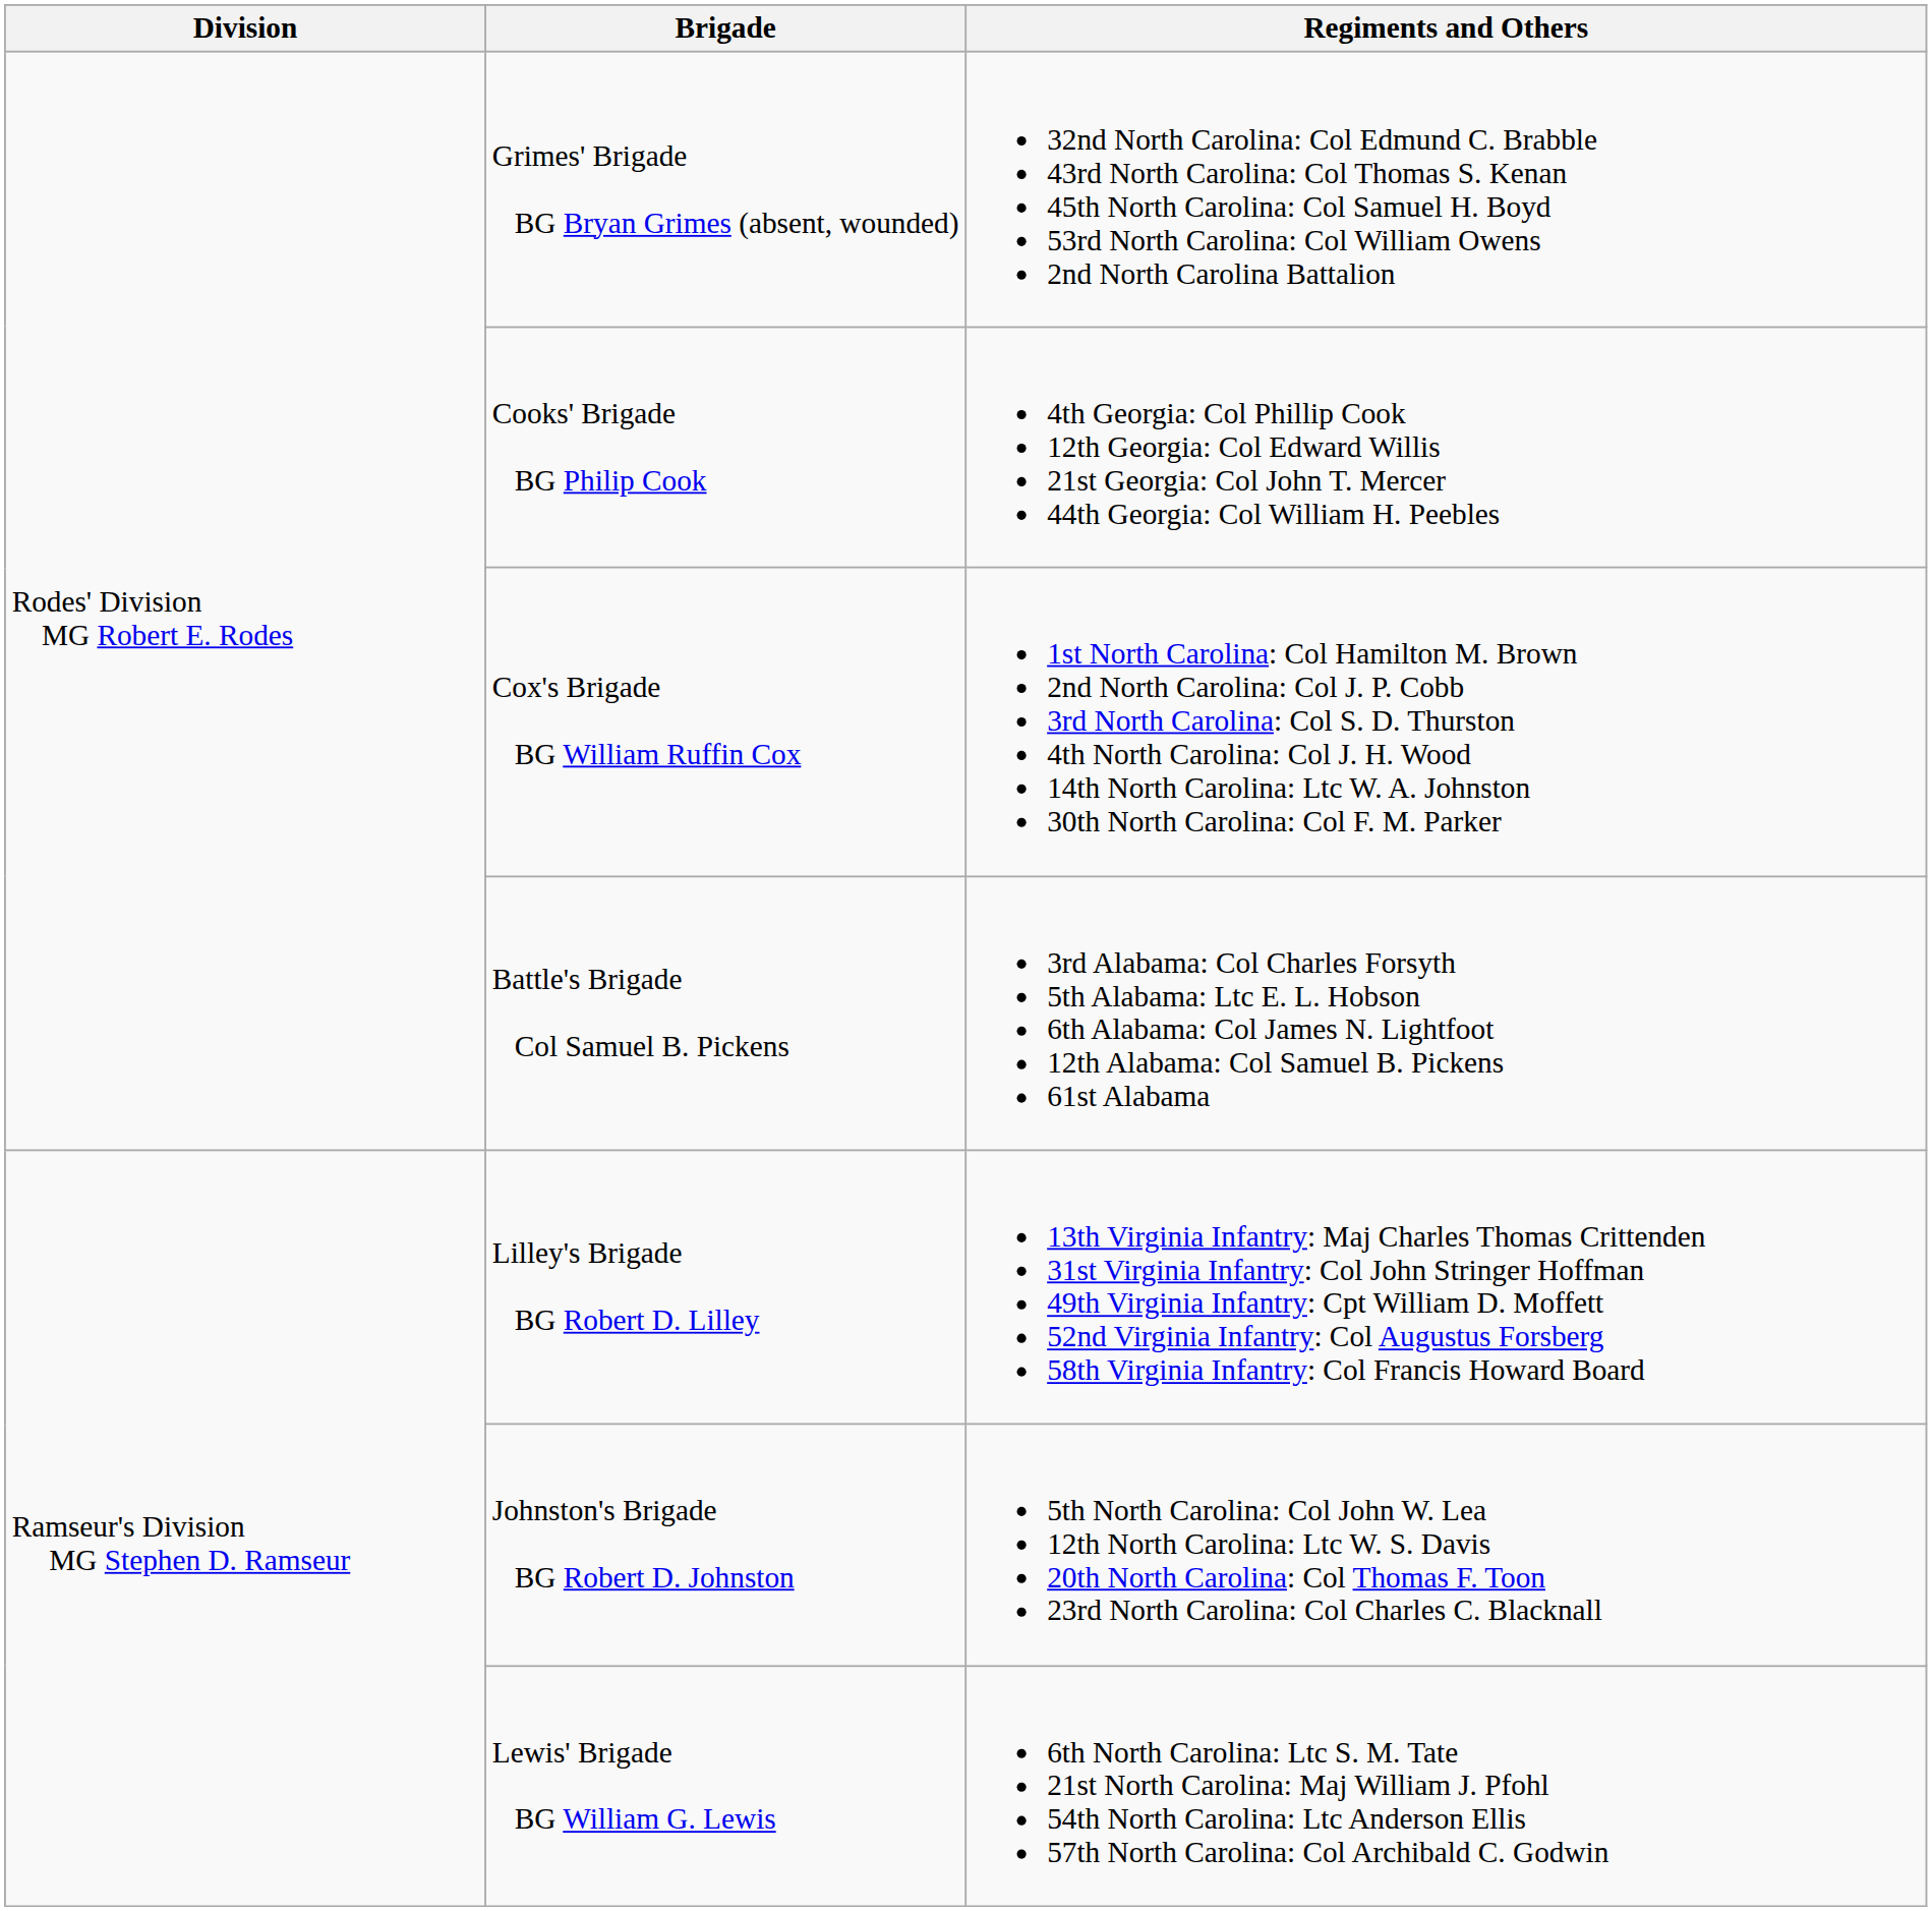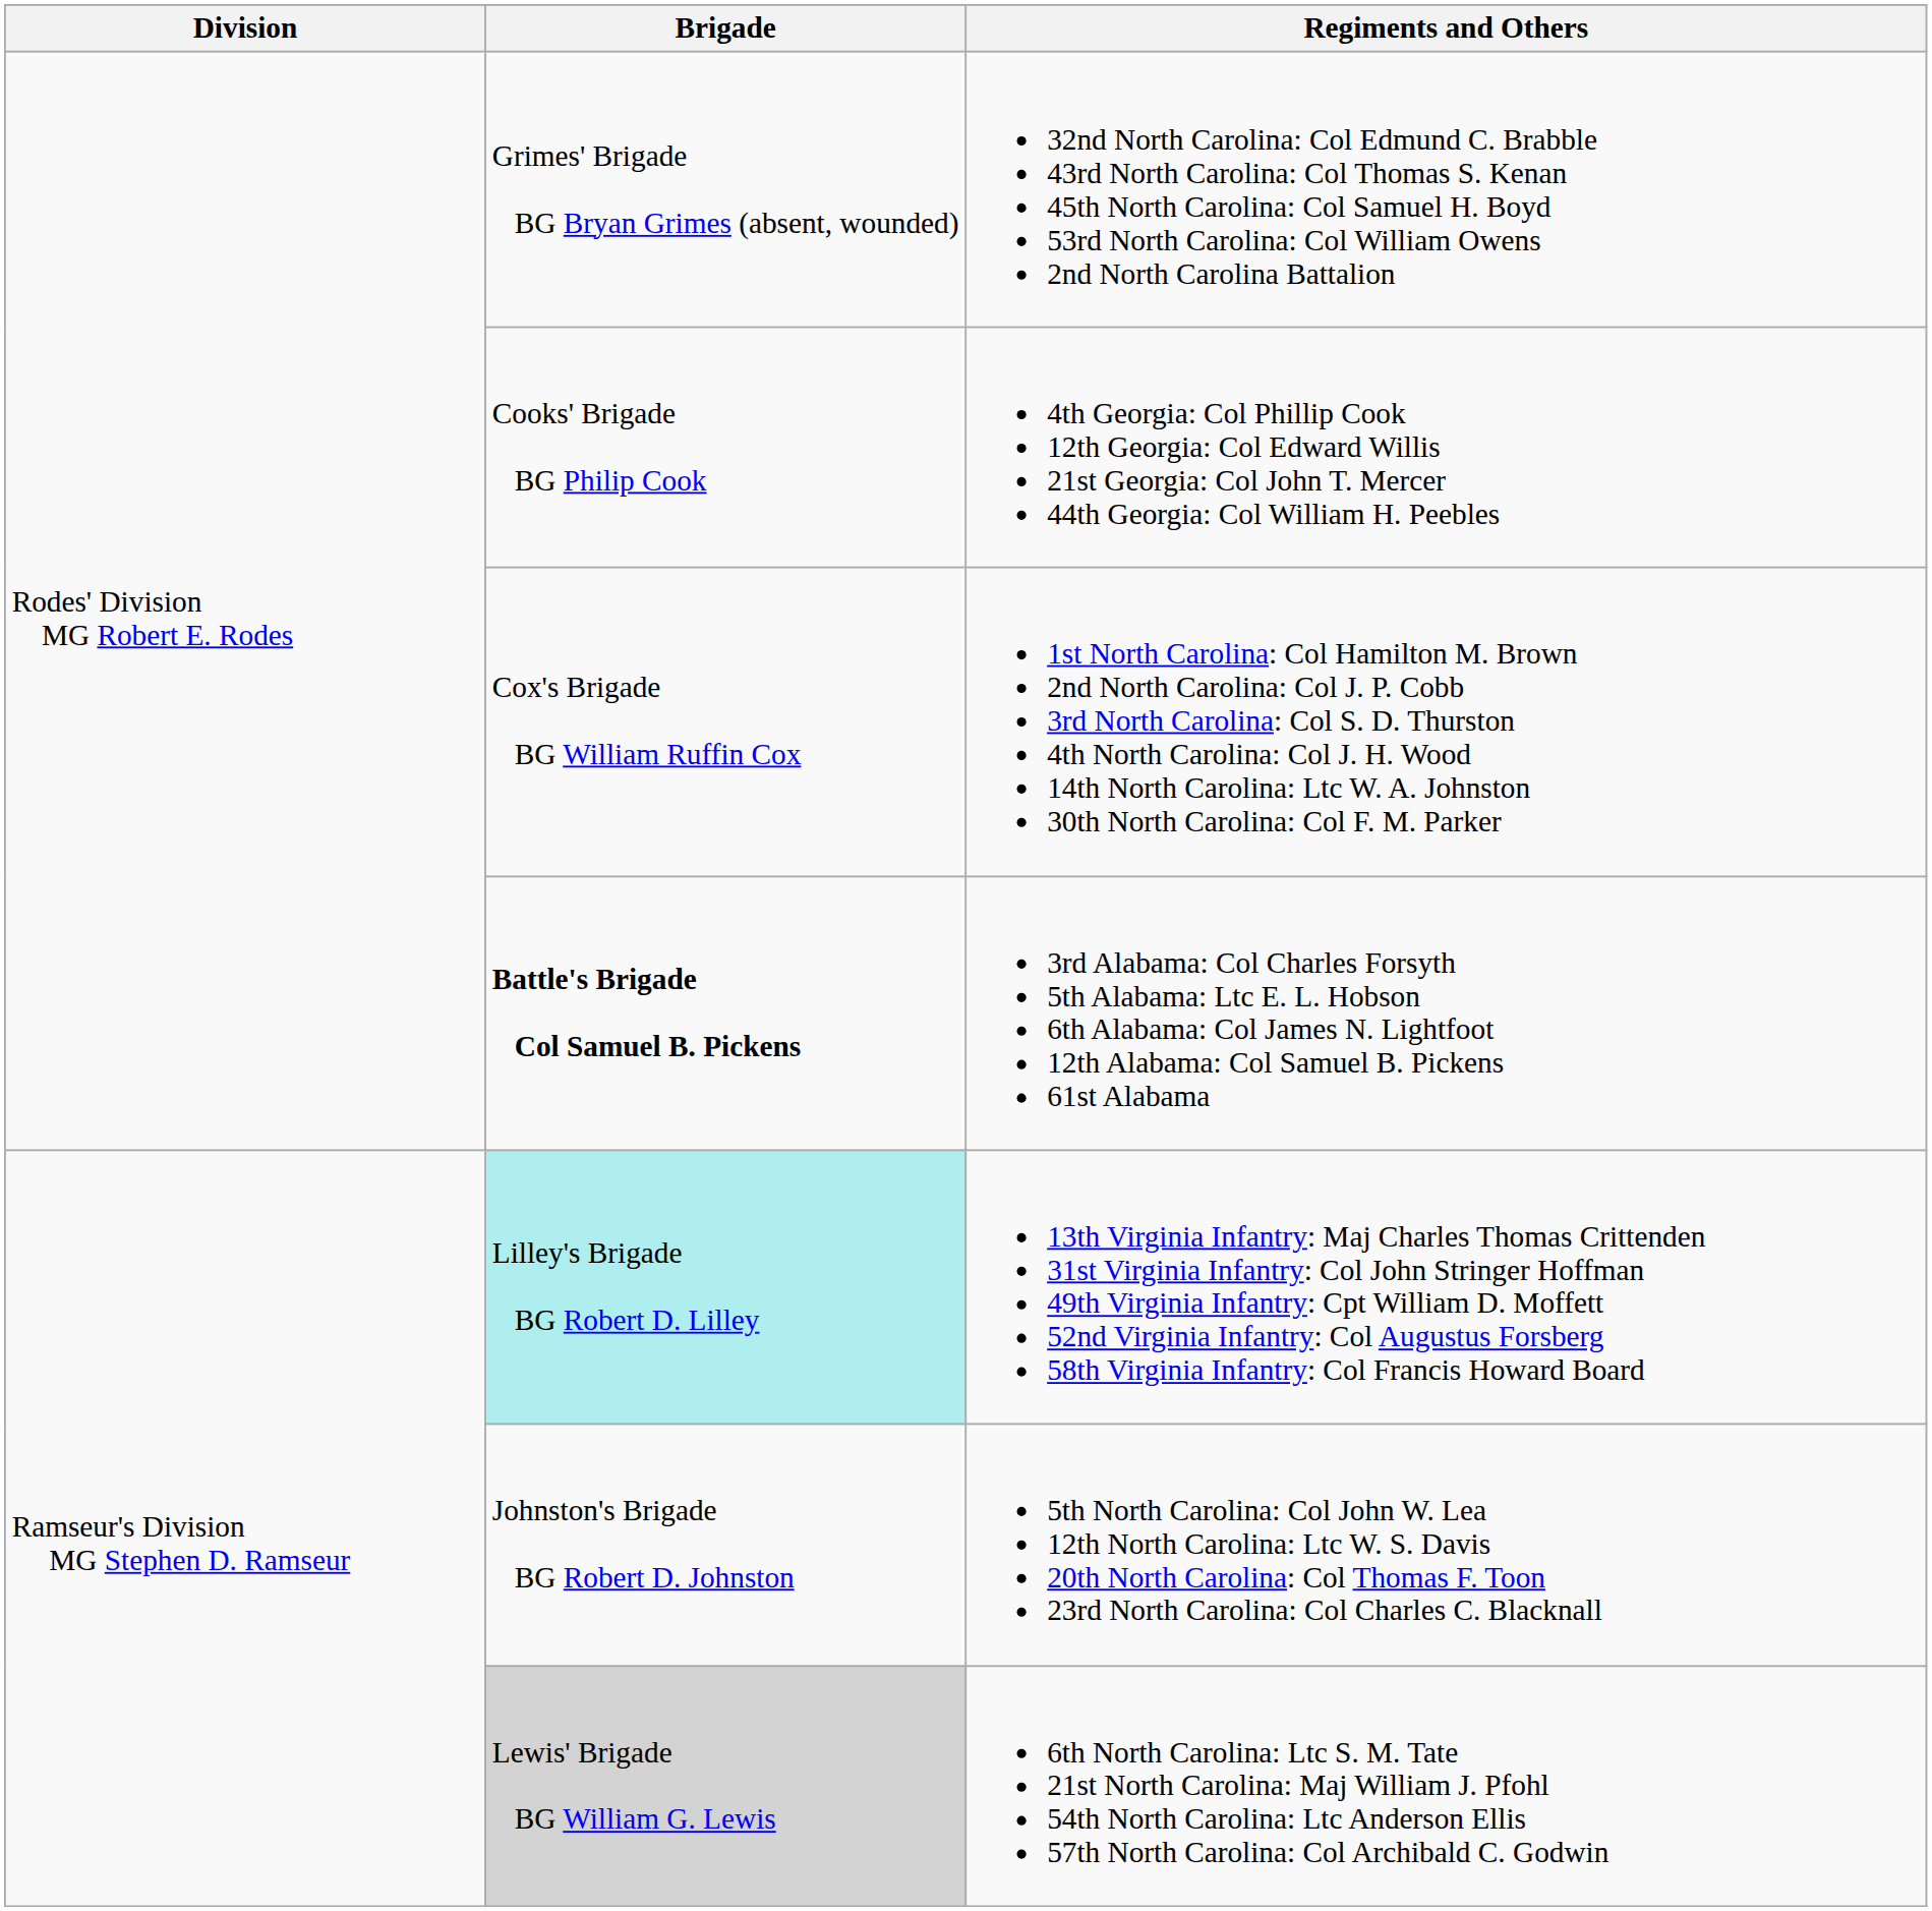 <table class="wikitable">
 <tr>
 <th width=25%>Division</th>
 <th width=25%>Brigade</th>
 <th>Regiments and Others</th>
 </tr>
 <tr>
 <td rowspan=4><br>Rodes' Division <br>     MG <a href='#'>Robert E. Rodes</a></td>
 <td>Grimes' Brigade<br><br>   BG <a href='#'>Bryan Grimes</a> (absent, wounded)</td>
 <td><br><ul><li>32nd North Carolina: Col Edmund C. Brabble</li><li>43rd North Carolina: Col Thomas S. Kenan</li><li>45th North Carolina: Col Samuel H. Boyd</li><li>53rd North Carolina: Col William Owens</li><li>2nd North Carolina Battalion</li></ul></td>
 </tr>
 <tr>
 <td>Cooks' Brigade<br><br>   BG <a href='#'>Philip Cook</a></td>
 <td><br><ul><li>4th Georgia: Col Phillip Cook</li><li>12th Georgia: Col Edward Willis</li><li>21st Georgia: Col John T. Mercer</li><li>44th Georgia: Col William H. Peebles</li></ul></td>
 </tr>
 <tr>
 <td>Cox's Brigade<br><br>   BG <a href='#'>William Ruffin Cox</a></td>
 <td><br><ul><li><a href='#'>1st North Carolina</a>: Col Hamilton M. Brown</li><li>2nd North Carolina: Col J. P. Cobb</li><li><a href='#'>3rd North Carolina</a>: Col S. D. Thurston</li><li>4th North Carolina: Col J. H. Wood</li><li>14th North Carolina: Ltc W. A. Johnston</li><li>30th North Carolina: Col F. M. Parker</li></ul></td>
 </tr>
 <tr>
-<td>Battle's Brigade<br><br>   Col Samuel B. Pickens</td>
+<td><strong>Battle's Brigade<br><br>   Col Samuel B. Pickens</strong></td>
 <td><br><ul><li>3rd Alabama: Col Charles Forsyth</li><li>5th Alabama: Ltc E. L. Hobson</li><li>6th Alabama: Col James N. Lightfoot</li><li>12th Alabama: Col Samuel B. Pickens</li><li>61st Alabama</li></ul></td>
 </tr>
 <tr>
 <td rowspan=3><br>Ramseur's Division <br>     MG <a href='#'>Stephen D. Ramseur</a></td>
-<td>Lilley's Brigade<br><br>   BG <a href='#'>Robert D. Lilley</a></td>
+<td style="background: paleturquoise;">Lilley's Brigade<br><br>   BG <a href='#'>Robert D. Lilley</a></td>
 <td><br><ul><li><a href='#'>13th Virginia Infantry</a>: Maj Charles Thomas Crittenden</li><li><a href='#'>31st Virginia Infantry</a>: Col John Stringer Hoffman</li><li><a href='#'>49th Virginia Infantry</a>: Cpt William D. Moffett</li><li><a href='#'>52nd Virginia Infantry</a>: Col <a href='#'>Augustus Forsberg</a></li><li><a href='#'>58th Virginia Infantry</a>: Col Francis Howard Board</li></ul></td>
 </tr>
 <tr>
 <td>Johnston's Brigade<br><br>   BG <a href='#'>Robert D. Johnston</a></td>
 <td><br><ul><li>5th North Carolina: Col John W. Lea</li><li>12th North Carolina: Ltc W. S. Davis</li><li><a href='#'>20th North Carolina</a>: Col <a href='#'>Thomas F. Toon</a></li><li>23rd North Carolina: Col Charles C. Blacknall</li></ul></td>
 </tr>
 <tr>
-<td>Lewis' Brigade<br><br>   BG <a href='#'>William G. Lewis</a></td>
+<td style="background: lightgrey;">Lewis' Brigade<br><br>   BG <a href='#'>William G. Lewis</a></td>
 <td><br><ul><li>6th North Carolina: Ltc S. M. Tate</li><li>21st North Carolina: Maj William J. Pfohl</li><li>54th North Carolina: Ltc Anderson Ellis</li><li>57th North Carolina: Col Archibald C. Godwin</li></ul></td>
 </tr>
 </table>
